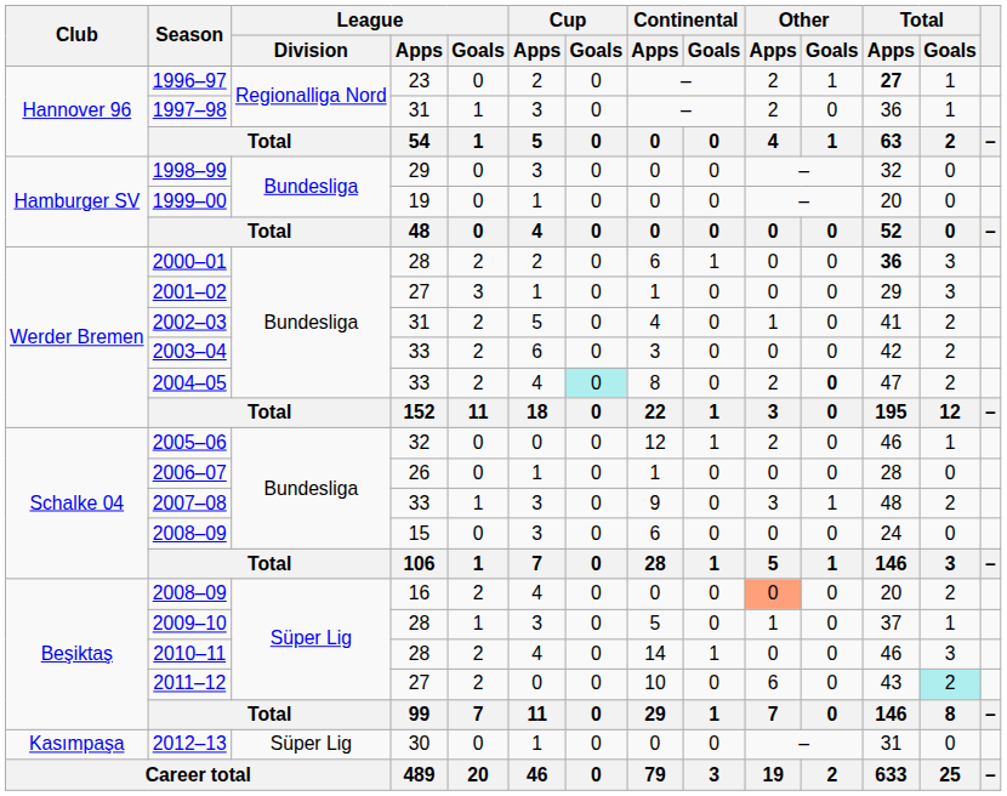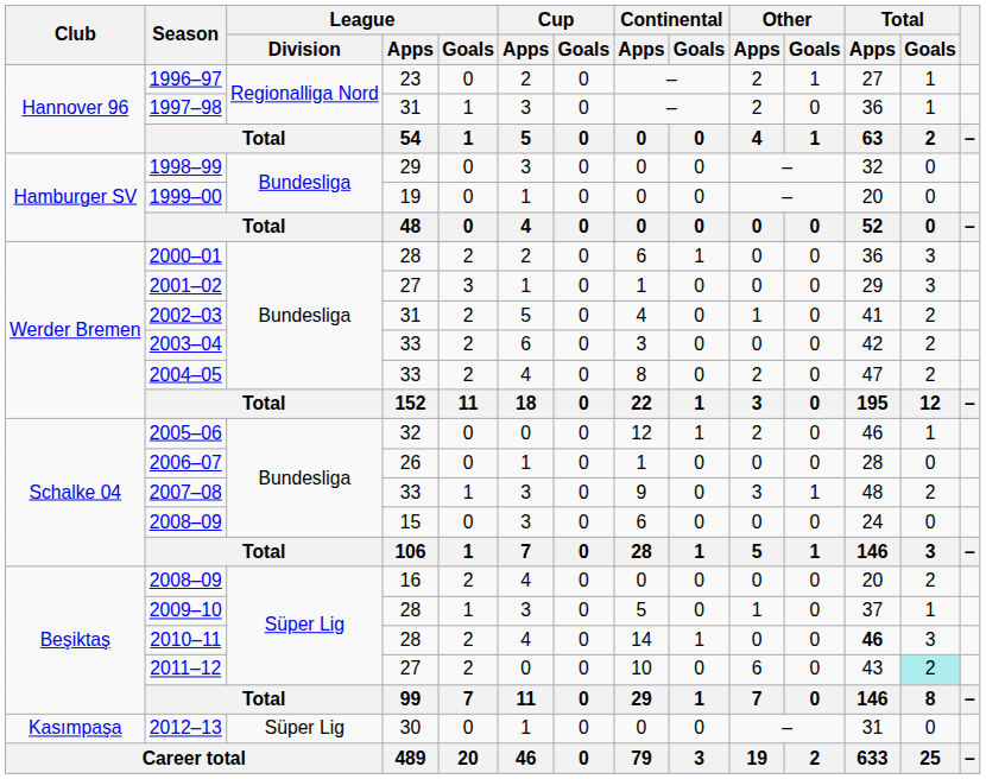 <table class="wikitable" style="text-align: center">
 <tr>
 <th rowspan="2">Club</th>
 <th rowspan="2">Season</th>
 <th colspan="3">League</th>
 <th colspan="2">Cup</th>
 <th colspan="2">Continental</th>
 <th colspan="2">Other</th>
 <th colspan="2">Total</th>
 <th rowspan="2"></th>
 </tr>
 <tr>
 <th>Division</th>
 <th>Apps</th>
 <th>Goals</th>
 <th>Apps</th>
 <th>Goals</th>
 <th>Apps</th>
 <th>Goals</th>
 <th>Apps</th>
 <th>Goals</th>
 <th>Apps</th>
 <th>Goals</th>
 </tr>
 <tr>
 <td rowspan="3"><a href='#'>Hannover 96</a></td>
 <td><a href='#'>1996–97</a></td>
 <td rowspan="2"><a href='#'>Regionalliga Nord</a></td>
 <td>23</td>
 <td>0</td>
 <td>2</td>
 <td>0</td>
 <td colspan="2">–</td>
 <td>2</td>
 <td>1</td>
-<td><strong>27</strong></td>
+<td>27</td>
 <td>1</td>
 <td></td>
 </tr>
 <tr>
 <td><a href='#'>1997–98</a></td>
 <td>31</td>
 <td>1</td>
 <td>3</td>
 <td>0</td>
 <td colspan="2">–</td>
 <td>2</td>
 <td>0</td>
 <td>36</td>
 <td>1</td>
 <td></td>
 </tr>
 <tr>
 <th colspan="2">Total</th>
 <th>54</th>
 <th>1</th>
 <th>5</th>
 <th>0</th>
 <th>0</th>
 <th>0</th>
 <th>4</th>
 <th>1</th>
 <th>63</th>
 <th>2</th>
 <th>–</th>
 </tr>
 <tr>
 <td rowspan="3"><a href='#'>Hamburger SV</a></td>
 <td><a href='#'>1998–99</a></td>
 <td rowspan="2"><a href='#'>Bundesliga</a></td>
 <td>29</td>
 <td>0</td>
 <td>3</td>
 <td>0</td>
 <td>0</td>
 <td>0</td>
 <td colspan="2">–</td>
 <td>32</td>
 <td>0</td>
 <td></td>
 </tr>
 <tr>
 <td><a href='#'>1999–00</a></td>
 <td>19</td>
 <td>0</td>
 <td>1</td>
 <td>0</td>
 <td>0</td>
 <td>0</td>
 <td colspan="2">–</td>
 <td>20</td>
 <td>0</td>
 <td></td>
 </tr>
 <tr>
 <th colspan="2">Total</th>
 <th>48</th>
 <th>0</th>
 <th>4</th>
 <th>0</th>
 <th>0</th>
 <th>0</th>
 <th>0</th>
 <th>0</th>
 <th>52</th>
 <th>0</th>
 <th>–</th>
 </tr>
 <tr>
 <td rowspan="6"><a href='#'>Werder Bremen</a></td>
 <td><a href='#'>2000–01</a></td>
 <td rowspan="5">Bundesliga</td>
 <td>28</td>
 <td>2</td>
 <td>2</td>
 <td>0</td>
 <td>6</td>
 <td>1</td>
 <td>0</td>
 <td>0</td>
-<td><strong>36</strong></td>
+<td>36</td>
 <td>3</td>
 <td></td>
 </tr>
 <tr>
 <td><a href='#'>2001–02</a></td>
 <td>27</td>
 <td>3</td>
 <td>1</td>
 <td>0</td>
 <td>1</td>
 <td>0</td>
 <td>0</td>
 <td>0</td>
 <td>29</td>
 <td>3</td>
 <td></td>
 </tr>
 <tr>
 <td><a href='#'>2002–03</a></td>
 <td>31</td>
 <td>2</td>
 <td>5</td>
 <td>0</td>
 <td>4</td>
 <td>0</td>
 <td>1</td>
 <td>0</td>
 <td>41</td>
 <td>2</td>
 <td></td>
 </tr>
 <tr>
 <td><a href='#'>2003–04</a></td>
 <td>33</td>
 <td>2</td>
 <td>6</td>
 <td>0</td>
 <td>3</td>
 <td>0</td>
 <td>0</td>
 <td>0</td>
 <td>42</td>
 <td>2</td>
 <td></td>
 </tr>
 <tr>
 <td><a href='#'>2004–05</a></td>
 <td>33</td>
 <td>2</td>
 <td>4</td>
-<td style="background: paleturquoise;">0</td>
+<td>0</td>
 <td>8</td>
 <td>0</td>
 <td>2</td>
-<td><strong>0</strong></td>
+<td>0</td>
 <td>47</td>
 <td>2</td>
 <td></td>
 </tr>
 <tr>
 <th colspan="2">Total</th>
 <th>152</th>
 <th>11</th>
 <th>18</th>
 <th>0</th>
 <th>22</th>
 <th>1</th>
 <th>3</th>
 <th>0</th>
 <th>195</th>
 <th>12</th>
 <th>–</th>
 </tr>
 <tr>
 <td rowspan="5"><a href='#'>Schalke 04</a></td>
 <td><a href='#'>2005–06</a></td>
 <td rowspan="4">Bundesliga</td>
 <td>32</td>
 <td>0</td>
 <td>0</td>
 <td>0</td>
 <td>12</td>
 <td>1</td>
 <td>2</td>
 <td>0</td>
 <td>46</td>
 <td>1</td>
 <td></td>
 </tr>
 <tr>
 <td><a href='#'>2006–07</a></td>
 <td>26</td>
 <td>0</td>
 <td>1</td>
 <td>0</td>
 <td>1</td>
 <td>0</td>
 <td>0</td>
 <td>0</td>
 <td>28</td>
 <td>0</td>
 <td></td>
 </tr>
 <tr>
 <td><a href='#'>2007–08</a></td>
 <td>33</td>
 <td>1</td>
 <td>3</td>
 <td>0</td>
 <td>9</td>
 <td>0</td>
 <td>3</td>
 <td>1</td>
 <td>48</td>
 <td>2</td>
 <td></td>
 </tr>
 <tr>
 <td><a href='#'>2008–09</a></td>
 <td>15</td>
 <td>0</td>
 <td>3</td>
 <td>0</td>
 <td>6</td>
 <td>0</td>
 <td>0</td>
 <td>0</td>
 <td>24</td>
 <td>0</td>
 <td></td>
 </tr>
 <tr>
 <th colspan="2">Total</th>
 <th>106</th>
 <th>1</th>
 <th>7</th>
 <th>0</th>
 <th>28</th>
 <th>1</th>
 <th>5</th>
 <th>1</th>
 <th>146</th>
 <th>3</th>
 <th>–</th>
 </tr>
 <tr>
 <td rowspan="5"><a href='#'>Beşiktaş</a></td>
 <td><a href='#'>2008–09</a></td>
 <td rowspan="4"><a href='#'>Süper Lig</a></td>
 <td>16</td>
 <td>2</td>
 <td>4</td>
 <td>0</td>
 <td>0</td>
 <td>0</td>
-<td style="background: lightsalmon;">0</td>
+<td>0</td>
 <td>0</td>
 <td>20</td>
 <td>2</td>
 <td></td>
 </tr>
 <tr>
 <td><a href='#'>2009–10</a></td>
 <td>28</td>
 <td>1</td>
 <td>3</td>
 <td>0</td>
 <td>5</td>
 <td>0</td>
 <td>1</td>
 <td>0</td>
 <td>37</td>
 <td>1</td>
 <td></td>
 </tr>
 <tr>
 <td><a href='#'>2010–11</a></td>
 <td>28</td>
 <td>2</td>
 <td>4</td>
 <td>0</td>
 <td>14</td>
 <td>1</td>
 <td>0</td>
 <td>0</td>
-<td>46</td>
+<td><strong>46</strong></td>
 <td>3</td>
 <td></td>
 </tr>
 <tr>
 <td><a href='#'>2011–12</a></td>
 <td>27</td>
 <td>2</td>
 <td>0</td>
 <td>0</td>
 <td>10</td>
 <td>0</td>
 <td>6</td>
 <td>0</td>
 <td>43</td>
 <td style="background: paleturquoise;">2</td>
 <td></td>
 </tr>
 <tr>
 <th colspan="2">Total</th>
 <th>99</th>
 <th>7</th>
 <th>11</th>
 <th>0</th>
 <th>29</th>
 <th>1</th>
 <th>7</th>
 <th>0</th>
 <th>146</th>
 <th>8</th>
 <th>–</th>
 </tr>
 <tr>
 <td><a href='#'>Kasımpaşa</a></td>
 <td><a href='#'>2012–13</a></td>
 <td>Süper Lig</td>
 <td>30</td>
 <td>0</td>
 <td>1</td>
 <td>0</td>
 <td>0</td>
 <td>0</td>
 <td colspan="2">–</td>
 <td>31</td>
 <td>0</td>
 <td></td>
 </tr>
 <tr>
 <th colspan="3">Career total</th>
 <th>489</th>
 <th>20</th>
 <th>46</th>
 <th>0</th>
 <th>79</th>
 <th>3</th>
 <th>19</th>
 <th>2</th>
 <th>633</th>
 <th>25</th>
 <th>–</th>
 </tr>
 </table>
